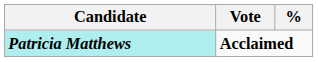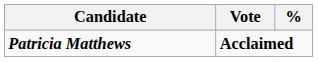 <table class="wikitable">
 <tr>
 <th bgcolor="#DDDDFF" width="200px">Candidate</th>
 <th bgcolor="#DDDDFF" width="50px">Vote</th>
 <th bgcolor="#DDDDFF" width="30px">%</th>
 </tr>
 <tr>
-<td style="background: paleturquoise;"><strong><em>Patricia Matthews</em></strong></td>
+<td><strong><em>Patricia Matthews</em></strong></td>
 <td colspan="2"><strong>Acclaimed</strong></td>
 </tr>
 </table>
